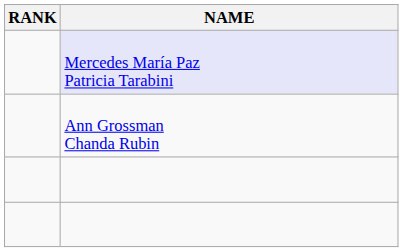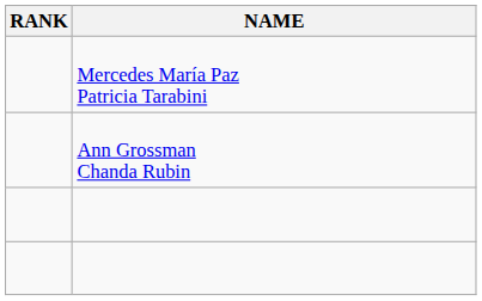 <table class="wikitable">
 <tr>
 <th>RANK</th>
 <th style="width: 20em">NAME</th>
 </tr>
 <tr>
 <td align="center"></td>
-<td style="background: lavender;"><strong></strong><br><a href='#'>Mercedes María Paz</a><br><a href='#'>Patricia Tarabini</a></td>
+<td><strong></strong><br><a href='#'>Mercedes María Paz</a><br><a href='#'>Patricia Tarabini</a></td>
 </tr>
 <tr>
 <td align="center"></td>
 <td><strong></strong><br><a href='#'>Ann Grossman</a><br><a href='#'>Chanda Rubin</a></td>
 </tr>
 <tr>
 <td align="center"></td>
 <td><strong></strong><br><br></td>
 </tr>
 <tr>
 <td align="center"></td>
 <td><strong></strong><br><br></td>
 </tr>
 </table>
